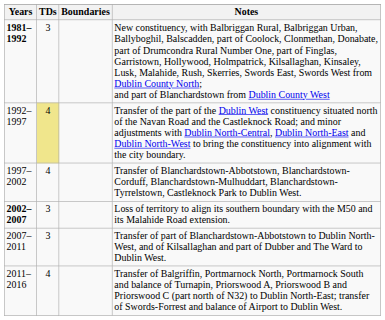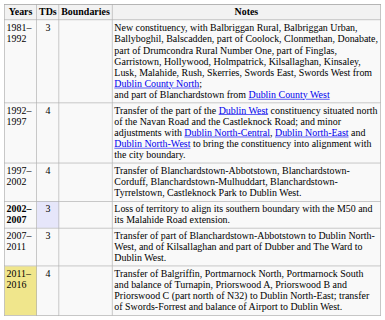 <table class="wikitable">
 <tr>
 </tr>
 <tr>
 <th>Years</th>
 <th>TDs</th>
 <th>Boundaries</th>
 <th>Notes</th>
 </tr>
 <tr style="vertical-align:top">
-<td><strong>1981–1992</strong></td>
+<td>1981–1992</td>
 <td style="text-align:center">3</td>
 <td></td>
 <td>New constituency, with Balbriggan Rural, Balbriggan Urban, Ballyboghil, Balscadden, part of Coolock, Clonmethan, Donabate, part of Drumcondra Rural Number One, part of Finglas, Garristown, Hollywood, Holmpatrick, Kilsallaghan, Kinsaley, Lusk, Malahide, Rush, Skerries, Swords East, Swords West from <a href='#'>Dublin County North</a>;<br>and part of Blanchardstown from <a href='#'>Dublin County West</a></td>
 </tr>
 <tr style="vertical-align:top">
 <td>1992–1997</td>
-<td style="background: khaki; text-align:center">4</td>
+<td style="text-align:center">4</td>
 <td></td>
 <td>Transfer of the part of the <a href='#'>Dublin West</a> constituency situated north of the Navan Road and the Castleknock Road; and minor adjustments with <a href='#'>Dublin North-Central</a>, <a href='#'>Dublin North-East</a> and <a href='#'>Dublin North-West</a> to bring the constituency into alignment with the city boundary.</td>
 </tr>
 <tr style="vertical-align:top">
 <td>1997–2002</td>
 <td style="text-align:center">4</td>
 <td></td>
 <td>Transfer of Blanchardstown-Abbotstown, Blanchardstown-Corduff, Blanchardstown-Mulhuddart, Blanchardstown-Tyrrelstown, Castleknock Park to Dublin West.</td>
 </tr>
 <tr style="vertical-align:top">
 <td><strong>2002–2007</strong></td>
-<td style="text-align:center">3</td>
+<td style="background: lavender; text-align:center">3</td>
 <td></td>
 <td>Loss of territory to align its southern boundary with the M50 and its Malahide Road extension.</td>
 </tr>
 <tr style="vertical-align:top">
 <td>2007–2011</td>
 <td style="text-align:center">3</td>
 <td><br></td>
 <td>Transfer of part of Blanchardstown-Abbotstown to Dublin North-West, and of Kilsallaghan and part of Dubber and The Ward to Dublin West.</td>
 </tr>
 <tr style="vertical-align:top">
-<td>2011–2016</td>
+<td style="background: khaki;">2011–2016</td>
 <td style="text-align:center">4</td>
 <td></td>
 <td>Transfer of Balgriffin, Portmarnock North, Portmarnock South and balance of Turnapin, Priorswood A, Priorswood B and Priorswood C (part north of N32) to Dublin North-East; transfer of Swords-Forrest and balance of Airport to Dublin West.</td>
 </tr>
 </table>
